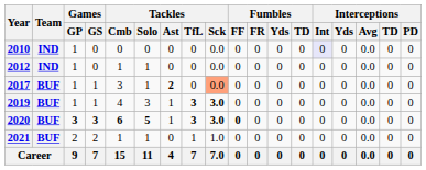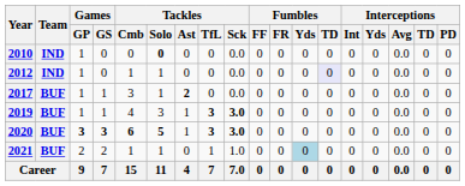 <table class="wikitable" style="text-align:center;">
 <tr>
 <th rowspan="2">Year</th>
 <th rowspan="2">Team</th>
 <th colspan="2">Games</th>
 <th colspan="5">Tackles</th>
 <th colspan="4">Fumbles</th>
 <th colspan="5">Interceptions</th>
 </tr>
 <tr>
 <th>GP</th>
 <th>GS</th>
 <th>Cmb</th>
 <th>Solo</th>
 <th>Ast</th>
 <th>TfL</th>
 <th>Sck</th>
 <th>FF</th>
 <th>FR</th>
 <th>Yds</th>
 <th>TD</th>
 <th>Int</th>
 <th>Yds</th>
 <th>Avg</th>
 <th>TD</th>
 <th>PD</th>
 </tr>
 <tr>
 <th><a href='#'>2010</a></th>
 <th><a href='#'>IND</a></th>
 <td>1</td>
 <td>0</td>
 <td>0</td>
-<td>0</td>
+<td><strong>0</strong></td>
 <td>0</td>
 <td>0</td>
 <td>0.0</td>
 <td>0</td>
 <td>0</td>
 <td>0</td>
 <td>0</td>
-<td style="background: lavender;">0</td>
+<td>0</td>
 <td>0</td>
 <td>0.0</td>
 <td>0</td>
 <td>0</td>
 </tr>
 <tr>
 <th><a href='#'>2012</a></th>
 <th><a href='#'>IND</a></th>
 <td>1</td>
 <td>0</td>
 <td>1</td>
 <td>1</td>
 <td>0</td>
 <td>0</td>
 <td>0.0</td>
 <td>0</td>
 <td>0</td>
 <td>0</td>
-<td>0</td>
+<td style="background: lavender;">0</td>
 <td>0</td>
 <td>0</td>
 <td>0.0</td>
 <td>0</td>
 <td>0</td>
 </tr>
 <tr>
 <th><a href='#'>2017</a></th>
 <th><a href='#'>BUF</a></th>
 <td>1</td>
 <td>1</td>
 <td>3</td>
 <td>1</td>
 <td><strong>2</strong></td>
 <td>0</td>
-<td style="background: lightsalmon;">0.0</td>
+<td>0.0</td>
 <td>0</td>
 <td>0</td>
 <td>0</td>
 <td>0</td>
 <td>0</td>
 <td>0</td>
 <td>0.0</td>
 <td>0</td>
 <td>0</td>
 </tr>
 <tr>
 <th><a href='#'>2019</a></th>
 <th><a href='#'>BUF</a></th>
 <td>1</td>
 <td>1</td>
 <td>4</td>
 <td>3</td>
 <td>1</td>
 <td><strong>3</strong></td>
 <td><strong>3.0</strong></td>
 <td>0</td>
 <td>0</td>
 <td>0</td>
 <td>0</td>
 <td>0</td>
 <td>0</td>
 <td>0.0</td>
 <td>0</td>
 <td>0</td>
 </tr>
 <tr>
 <th><a href='#'>2020</a></th>
 <th><a href='#'>BUF</a></th>
 <td><strong>3</strong></td>
 <td><strong>3</strong></td>
 <td><strong>6</strong></td>
 <td><strong>5</strong></td>
 <td>1</td>
 <td><strong>3</strong></td>
 <td><strong>3.0</strong></td>
-<td><strong>0</strong></td>
+<td>0</td>
 <td>0</td>
 <td>0</td>
 <td>0</td>
 <td>0</td>
 <td>0</td>
 <td>0.0</td>
 <td>0</td>
 <td>0</td>
 </tr>
 <tr>
 <th><a href='#'>2021</a></th>
 <th><a href='#'>BUF</a></th>
 <td>2</td>
 <td>2</td>
 <td>1</td>
 <td>1</td>
 <td>0</td>
 <td>1</td>
 <td>1.0</td>
 <td>0</td>
 <td>0</td>
-<td>0</td>
+<td style="background: lightblue;">0</td>
 <td>0</td>
 <td>0</td>
 <td>0</td>
 <td>0.0</td>
 <td>0</td>
 <td>0</td>
 </tr>
 <tr>
 <th colspan="2">Career</th>
 <th>9</th>
 <th>7</th>
 <th>15</th>
 <th>11</th>
 <th>4</th>
 <th>7</th>
 <th>7.0</th>
 <th>0</th>
 <th>0</th>
 <th>0</th>
 <th>0</th>
 <th>0</th>
 <th>0</th>
 <th>0.0</th>
 <th>0</th>
 <th>0</th>
 </tr>
 </table>
